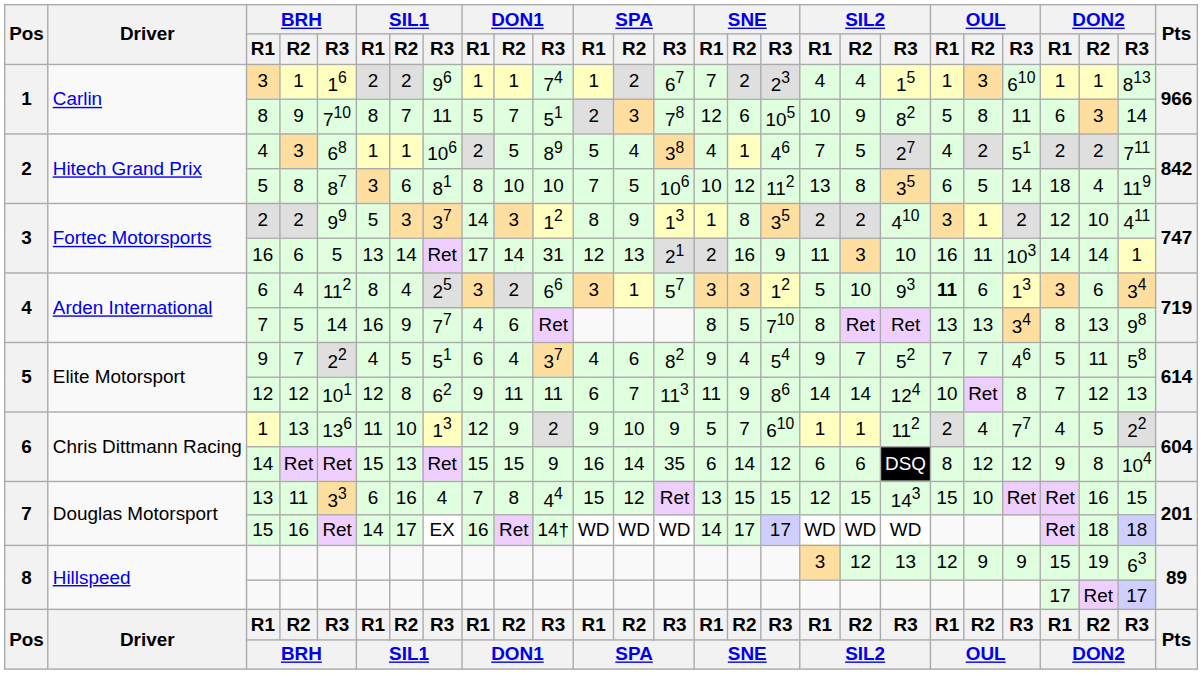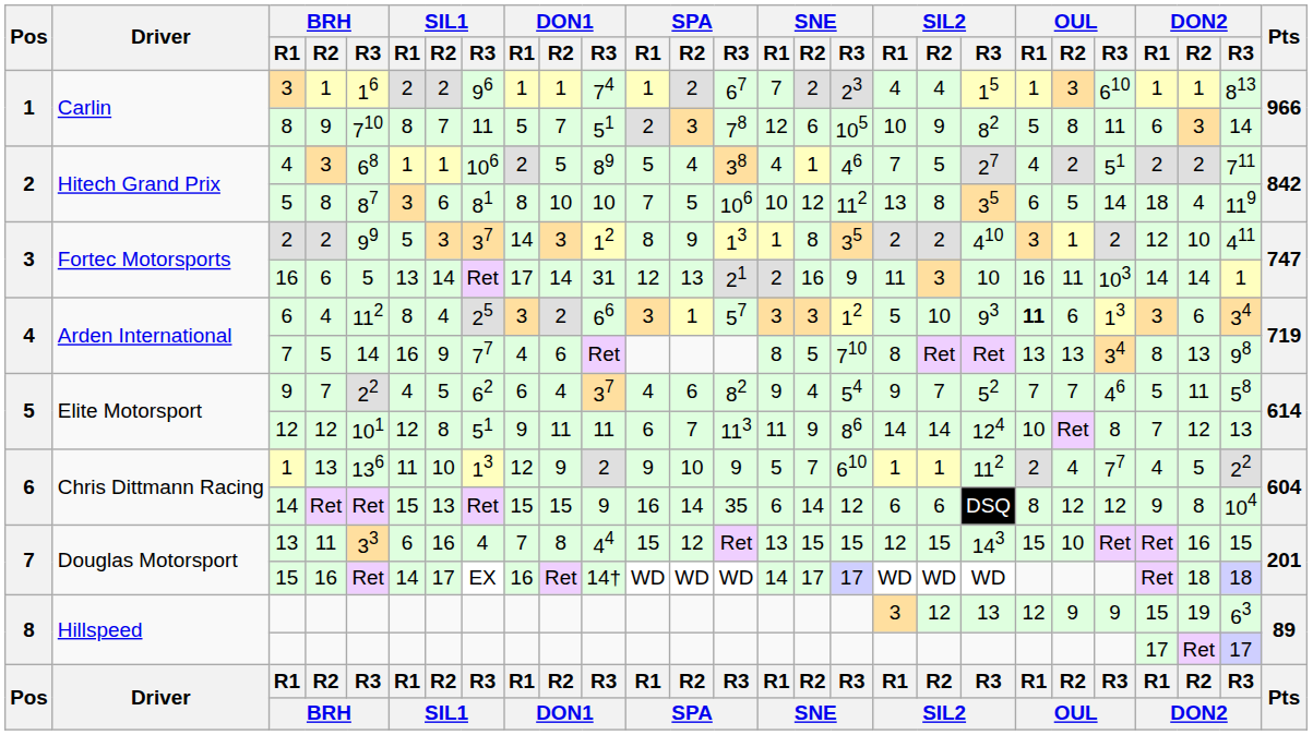 <table class="wikitable" style="font-size: 85%; text-align: center;">
 <tr>
 <th rowspan="2" valign="middle">Pos</th>
 <th rowspan="2" valign="middle">Driver</th>
 <th colspan="3"><a href='#'>BRH</a></th>
 <th colspan="3"><a href='#'>SIL1</a></th>
 <th colspan="3"><a href='#'>DON1</a></th>
 <th colspan="3"><a href='#'>SPA</a></th>
 <th colspan="3"><a href='#'>SNE</a></th>
 <th colspan="3"><a href='#'>SIL2</a></th>
 <th colspan="3"><a href='#'>OUL</a></th>
 <th colspan="3"><a href='#'>DON2</a></th>
 <th rowspan="2" valign="middle">Pts</th>
 </tr>
 <tr>
 <th>R1</th>
 <th>R2</th>
 <th>R3</th>
 <th>R1</th>
 <th>R2</th>
 <th>R3</th>
 <th>R1</th>
 <th>R2</th>
 <th>R3</th>
 <th>R1</th>
 <th>R2</th>
 <th>R3</th>
 <th>R1</th>
 <th>R2</th>
 <th>R3</th>
 <th>R1</th>
 <th>R2</th>
 <th>R3</th>
 <th>R1</th>
 <th>R2</th>
 <th>R3</th>
 <th>R1</th>
 <th>R2</th>
 <th>R3</th>
 </tr>
 <tr>
 <th rowspan="2">1</th>
 <td rowspan="2" align="left"><a href='#'>Carlin</a></td>
 <td bgcolor="#ffdf9f">3</td>
 <td bgcolor="#ffffbf">1</td>
 <td bgcolor="#ffffbf">1<sup>6</sup></td>
 <td bgcolor="#dfdfdf">2</td>
 <td bgcolor="#dfdfdf">2</td>
 <td bgcolor="#dfffdf">9<sup>6</sup></td>
 <td bgcolor="#ffffbf">1</td>
 <td bgcolor="#ffffbf">1</td>
 <td bgcolor="#dfffdf">7<sup>4</sup></td>
 <td bgcolor="#ffffbf">1</td>
 <td bgcolor="#dfdfdf">2</td>
 <td bgcolor="#dfffdf">6<sup>7</sup></td>
 <td bgcolor="#dfffdf">7</td>
 <td bgcolor="#dfdfdf">2</td>
 <td bgcolor="#dfdfdf">2<sup>3</sup></td>
 <td bgcolor="#dfffdf">4</td>
 <td bgcolor="#dfffdf">4</td>
 <td bgcolor="#ffffbf">1<sup>5</sup></td>
 <td bgcolor="#ffffbf">1</td>
 <td bgcolor="#ffdf9f">3</td>
 <td bgcolor="#dfffdf">6<sup>10</sup></td>
 <td bgcolor="#ffffbf">1</td>
 <td bgcolor="#ffffbf">1</td>
 <td bgcolor="#dfffdf">8<sup>13</sup></td>
 <th rowspan="2">966</th>
 </tr>
 <tr>
 <td bgcolor="#dfffdf">8</td>
 <td bgcolor="#dfffdf">9</td>
 <td bgcolor="#dfffdf">7<sup>10</sup></td>
 <td bgcolor="#dfffdf">8</td>
 <td bgcolor="#dfffdf">7</td>
 <td bgcolor="#dfffdf">11</td>
 <td bgcolor="#dfffdf">5</td>
 <td bgcolor="#dfffdf">7</td>
 <td bgcolor="#dfffdf">5<sup>1</sup></td>
 <td bgcolor="#dfdfdf">2</td>
 <td bgcolor="#ffdf9f">3</td>
 <td bgcolor="#dfffdf">7<sup>8</sup></td>
 <td bgcolor="#dfffdf">12</td>
 <td bgcolor="#dfffdf">6</td>
 <td bgcolor="#dfffdf">10<sup>5</sup></td>
 <td bgcolor="#dfffdf">10</td>
 <td bgcolor="#dfffdf">9</td>
 <td bgcolor="#dfffdf">8<sup>2</sup></td>
 <td bgcolor="#dfffdf">5</td>
 <td bgcolor="#dfffdf">8</td>
 <td bgcolor="#dfffdf">11</td>
 <td bgcolor="#dfffdf">6</td>
 <td bgcolor="#ffdf9f">3</td>
 <td bgcolor="#dfffdf">14</td>
 </tr>
 <tr>
 <th rowspan="2">2</th>
 <td rowspan="2" align="left"><a href='#'>Hitech Grand Prix</a></td>
 <td bgcolor="#dfffdf">4</td>
 <td bgcolor="#ffdf9f">3</td>
 <td bgcolor="#dfffdf">6<sup>8</sup></td>
 <td bgcolor="#ffffbf">1</td>
 <td bgcolor="#ffffbf">1</td>
 <td bgcolor="#dfffdf">10<sup>6</sup></td>
 <td bgcolor="#dfdfdf">2</td>
 <td bgcolor="#dfffdf">5</td>
 <td bgcolor="#dfffdf">8<sup>9</sup></td>
 <td bgcolor="#dfffdf">5</td>
 <td bgcolor="#dfffdf">4</td>
 <td bgcolor="#ffdf9f">3<sup>8</sup></td>
 <td bgcolor="#dfffdf">4</td>
 <td bgcolor="#ffffbf">1</td>
 <td bgcolor="#dfffdf">4<sup>6</sup></td>
 <td bgcolor="#dfffdf">7</td>
 <td bgcolor="#dfffdf">5</td>
 <td bgcolor="#dfdfdf">2<sup>7</sup></td>
 <td bgcolor="#dfffdf">4</td>
 <td bgcolor="#dfdfdf">2</td>
 <td bgcolor="#dfffdf">5<sup>1</sup></td>
 <td bgcolor="#dfdfdf">2</td>
 <td bgcolor="#dfdfdf">2</td>
 <td bgcolor="#dfffdf">7<sup>11</sup></td>
 <th rowspan="2">842</th>
 </tr>
 <tr>
 <td bgcolor="#dfffdf">5</td>
 <td bgcolor="#dfffdf">8</td>
 <td bgcolor="#dfffdf">8<sup>7</sup></td>
 <td bgcolor="#ffdf9f">3</td>
 <td bgcolor="#dfffdf">6</td>
 <td bgcolor="#dfffdf">8<sup>1</sup></td>
 <td bgcolor="#dfffdf">8</td>
 <td bgcolor="#dfffdf">10</td>
 <td bgcolor="#dfffdf">10</td>
 <td bgcolor="#dfffdf">7</td>
 <td bgcolor="#dfffdf">5</td>
 <td bgcolor="#dfffdf">10<sup>6</sup></td>
 <td bgcolor="#dfffdf">10</td>
 <td bgcolor="#dfffdf">12</td>
 <td bgcolor="#dfffdf">11<sup>2</sup></td>
 <td bgcolor="#dfffdf">13</td>
 <td bgcolor="#dfffdf">8</td>
 <td bgcolor="#ffdf9f">3<sup>5</sup></td>
 <td bgcolor="#dfffdf">6</td>
 <td bgcolor="#dfffdf">5</td>
 <td bgcolor="#dfffdf">14</td>
 <td bgcolor="#dfffdf">18</td>
 <td bgcolor="#dfffdf">4</td>
 <td bgcolor="#dfffdf">11<sup>9</sup></td>
 </tr>
 <tr>
 <th rowspan="2">3</th>
 <td rowspan="2" align="left"><a href='#'>Fortec Motorsports</a></td>
 <td bgcolor="#dfdfdf">2</td>
 <td bgcolor="#dfdfdf">2</td>
 <td bgcolor="#dfffdf">9<sup>9</sup></td>
 <td bgcolor="#dfffdf">5</td>
 <td bgcolor="#ffdf9f">3</td>
 <td bgcolor="#ffdf9f">3<sup>7</sup></td>
 <td bgcolor="#dfffdf">14</td>
 <td bgcolor="#ffdf9f">3</td>
 <td bgcolor="#ffffbf">1<sup>2</sup></td>
 <td bgcolor="#dfffdf">8</td>
 <td bgcolor="#dfffdf">9</td>
 <td bgcolor="#ffffbf">1<sup>3</sup></td>
 <td bgcolor="#ffffbf">1</td>
 <td bgcolor="#dfffdf">8</td>
 <td bgcolor="#ffdf9f">3<sup>5</sup></td>
 <td bgcolor="#dfdfdf">2</td>
 <td bgcolor="#dfdfdf">2</td>
 <td bgcolor="#dfffdf">4<sup>10</sup></td>
 <td bgcolor="#ffdf9f">3</td>
 <td bgcolor="#ffffbf">1</td>
 <td bgcolor="#dfdfdf">2</td>
 <td bgcolor="#dfffdf">12</td>
 <td bgcolor="#dfffdf">10</td>
 <td bgcolor="#dfffdf">4<sup>11</sup></td>
 <th rowspan="2">747</th>
 </tr>
 <tr>
 <td bgcolor="#dfffdf">16</td>
 <td bgcolor="#dfffdf">6</td>
 <td bgcolor="#dfffdf">5</td>
 <td bgcolor="#dfffdf">13</td>
 <td bgcolor="#dfffdf">14</td>
 <td bgcolor="#efcfff">Ret</td>
 <td bgcolor="#dfffdf">17</td>
 <td bgcolor="#dfffdf">14</td>
 <td bgcolor="#dfffdf">31</td>
 <td bgcolor="#dfffdf">12</td>
 <td bgcolor="#dfffdf">13</td>
 <td bgcolor="#dfdfdf">2<sup>1</sup></td>
 <td bgcolor="#dfdfdf">2</td>
 <td bgcolor="#dfffdf">16</td>
 <td bgcolor="#dfffdf">9</td>
 <td bgcolor="#dfffdf">11</td>
 <td bgcolor="#ffdf9f">3</td>
 <td bgcolor="#dfffdf">10</td>
 <td bgcolor="#dfffdf">16</td>
 <td bgcolor="#dfffdf">11</td>
 <td bgcolor="#dfffdf">10<sup>3</sup></td>
 <td bgcolor="#dfffdf">14</td>
 <td bgcolor="#dfffdf">14</td>
 <td bgcolor="#ffffbf">1</td>
 </tr>
 <tr>
 <th rowspan="2">4</th>
 <td rowspan="2" align="left"><a href='#'>Arden International</a></td>
 <td bgcolor="#dfffdf">6</td>
 <td bgcolor="#dfffdf">4</td>
 <td bgcolor="#dfffdf">11<sup>2</sup></td>
 <td bgcolor="#dfffdf">8</td>
 <td bgcolor="#dfffdf">4</td>
 <td bgcolor="#dfdfdf">2<sup>5</sup></td>
 <td bgcolor="#ffdf9f">3</td>
 <td bgcolor="#dfdfdf">2</td>
 <td bgcolor="#dfffdf">6<sup>6</sup></td>
 <td bgcolor="#ffdf9f">3</td>
 <td bgcolor="#ffffbf">1</td>
 <td bgcolor="#dfffdf">5<sup>7</sup></td>
 <td bgcolor="#ffdf9f">3</td>
 <td bgcolor="#ffdf9f">3</td>
 <td bgcolor="#ffffbf">1<sup>2</sup></td>
 <td bgcolor="#dfffdf">5</td>
 <td bgcolor="#dfffdf">10</td>
 <td bgcolor="#dfffdf">9<sup>3</sup></td>
 <td bgcolor="#dfffdf"><strong>11</strong></td>
 <td bgcolor="#dfffdf">6</td>
 <td bgcolor="#ffffbf">1<sup>3</sup></td>
 <td bgcolor="#ffdf9f">3</td>
 <td bgcolor="#dfffdf">6</td>
 <td bgcolor="#ffdf9f">3<sup>4</sup></td>
 <th rowspan="2">719</th>
 </tr>
 <tr>
 <td bgcolor="#dfffdf">7</td>
 <td bgcolor="#dfffdf">5</td>
 <td bgcolor="#dfffdf">14</td>
 <td bgcolor="#dfffdf">16</td>
 <td bgcolor="#dfffdf">9</td>
 <td bgcolor="#dfffdf">7<sup>7</sup></td>
 <td bgcolor="#dfffdf">4</td>
 <td bgcolor="#dfffdf">6</td>
 <td bgcolor="#efcfff">Ret</td>
 <td></td>
 <td></td>
 <td></td>
 <td bgcolor="#dfffdf">8</td>
 <td bgcolor="#dfffdf">5</td>
 <td bgcolor="#dfffdf">7<sup>10</sup></td>
 <td bgcolor="#dfffdf">8</td>
 <td bgcolor="#efcfff">Ret</td>
 <td bgcolor="#efcfff">Ret</td>
 <td bgcolor="#dfffdf">13</td>
 <td bgcolor="#dfffdf">13</td>
 <td bgcolor="#ffdf9f">3<sup>4</sup></td>
 <td bgcolor="#dfffdf">8</td>
 <td bgcolor="#dfffdf">13</td>
 <td bgcolor="#dfffdf">9<sup>8</sup></td>
 </tr>
 <tr>
 <th rowspan="2">5</th>
 <td rowspan="2" align="left">Elite Motorsport</td>
 <td bgcolor="#dfffdf">9</td>
 <td bgcolor="#dfffdf">7</td>
 <td bgcolor="#dfdfdf">2<sup>2</sup></td>
 <td bgcolor="#dfffdf">4</td>
 <td bgcolor="#dfffdf">5</td>
-<td bgcolor="#dfffdf">5<sup>1</sup></td>
+<td bgcolor="#dfffdf">6<sup>2</sup></td>
 <td bgcolor="#dfffdf">6</td>
 <td bgcolor="#dfffdf">4</td>
 <td bgcolor="#ffdf9f">3<sup>7</sup></td>
 <td bgcolor="#dfffdf">4</td>
 <td bgcolor="#dfffdf">6</td>
 <td bgcolor="#dfffdf">8<sup>2</sup></td>
 <td bgcolor="#dfffdf">9</td>
 <td bgcolor="#dfffdf">4</td>
 <td bgcolor="#dfffdf">5<sup>4</sup></td>
 <td bgcolor="#dfffdf">9</td>
 <td bgcolor="#dfffdf">7</td>
 <td bgcolor="#dfffdf">5<sup>2</sup></td>
 <td bgcolor="#dfffdf">7</td>
 <td bgcolor="#dfffdf">7</td>
 <td bgcolor="#dfffdf">4<sup>6</sup></td>
 <td bgcolor="#dfffdf">5</td>
 <td bgcolor="#dfffdf">11</td>
 <td bgcolor="#dfffdf">5<sup>8</sup></td>
 <th rowspan="2">614</th>
 </tr>
 <tr>
 <td bgcolor="#dfffdf">12</td>
 <td bgcolor="#dfffdf">12</td>
 <td bgcolor="#dfffdf">10<sup>1</sup></td>
 <td bgcolor="#dfffdf">12</td>
 <td bgcolor="#dfffdf">8</td>
-<td bgcolor="#dfffdf">6<sup>2</sup></td>
+<td bgcolor="#dfffdf">5<sup>1</sup></td>
 <td bgcolor="#dfffdf">9</td>
 <td bgcolor="#dfffdf">11</td>
 <td bgcolor="#dfffdf">11</td>
 <td bgcolor="#dfffdf">6</td>
 <td bgcolor="#dfffdf">7</td>
 <td bgcolor="#dfffdf">11<sup>3</sup></td>
 <td bgcolor="#dfffdf">11</td>
 <td bgcolor="#dfffdf">9</td>
 <td bgcolor="#dfffdf">8<sup>6</sup></td>
 <td bgcolor="#dfffdf">14</td>
 <td bgcolor="#dfffdf">14</td>
 <td bgcolor="#dfffdf">12<sup>4</sup></td>
 <td bgcolor="#dfffdf">10</td>
 <td bgcolor="#efcfff">Ret</td>
 <td bgcolor="#dfffdf">8</td>
 <td bgcolor="#dfffdf">7</td>
 <td bgcolor="#dfffdf">12</td>
 <td bgcolor="#dfffdf">13</td>
 </tr>
 <tr>
 <th rowspan="2">6</th>
 <td rowspan="2" align="left">Chris Dittmann Racing</td>
 <td bgcolor="#ffffbf">1</td>
 <td bgcolor="#dfffdf">13</td>
 <td bgcolor="#dfffdf">13<sup>6</sup></td>
 <td bgcolor="#dfffdf">11</td>
 <td bgcolor="#dfffdf">10</td>
 <td bgcolor="#ffffbf">1<sup>3</sup></td>
 <td bgcolor="#dfffdf">12</td>
 <td bgcolor="#dfffdf">9</td>
 <td bgcolor="#dfdfdf">2</td>
 <td bgcolor="#dfffdf">9</td>
 <td bgcolor="#dfffdf">10</td>
 <td bgcolor="#dfffdf">9</td>
 <td bgcolor="#dfffdf">5</td>
 <td bgcolor="#dfffdf">7</td>
 <td bgcolor="#dfffdf">6<sup>10</sup></td>
 <td bgcolor="#ffffbf">1</td>
 <td bgcolor="#ffffbf">1</td>
 <td bgcolor="#dfffdf">11<sup>2</sup></td>
 <td bgcolor="#dfdfdf">2</td>
 <td bgcolor="#dfffdf">4</td>
 <td bgcolor="#dfffdf">7<sup>7</sup></td>
 <td bgcolor="#dfffdf">4</td>
 <td bgcolor="#dfffdf">5</td>
 <td bgcolor="#dfdfdf">2<sup>2</sup></td>
 <th rowspan="2">604</th>
 </tr>
 <tr>
 <td bgcolor="#dfffdf">14</td>
 <td bgcolor="#efcfff">Ret</td>
 <td bgcolor="#efcfff">Ret</td>
 <td bgcolor="#dfffdf">15</td>
 <td bgcolor="#dfffdf">13</td>
 <td bgcolor="#efcfff">Ret</td>
 <td bgcolor="#dfffdf">15</td>
 <td bgcolor="#dfffdf">15</td>
 <td bgcolor="#dfffdf">9</td>
 <td bgcolor="#dfffdf">16</td>
 <td bgcolor="#dfffdf">14</td>
 <td bgcolor="#dfffdf">35</td>
 <td bgcolor="#dfffdf">6</td>
 <td bgcolor="#dfffdf">14</td>
 <td bgcolor="#dfffdf">12</td>
 <td bgcolor="#dfffdf">6</td>
 <td bgcolor="#dfffdf">6</td>
 <td style="background-color:#000000;color:white">DSQ</td>
 <td bgcolor="#dfffdf">8</td>
 <td bgcolor="#dfffdf">12</td>
 <td bgcolor="#dfffdf">12</td>
 <td bgcolor="#dfffdf">9</td>
 <td bgcolor="#dfffdf">8</td>
 <td bgcolor="#dfffdf">10<sup>4</sup></td>
 </tr>
 <tr>
 <th rowspan="2">7</th>
 <td rowspan="2" align="left">Douglas Motorsport</td>
 <td bgcolor="#dfffdf">13</td>
 <td bgcolor="#dfffdf">11</td>
 <td bgcolor="#ffdf9f">3<sup>3</sup></td>
 <td bgcolor="#dfffdf">6</td>
 <td bgcolor="#dfffdf">16</td>
 <td bgcolor="#dfffdf">4</td>
 <td bgcolor="#dfffdf">7</td>
 <td bgcolor="#dfffdf">8</td>
 <td bgcolor="#dfffdf">4<sup>4</sup></td>
 <td bgcolor="#dfffdf">15</td>
 <td bgcolor="#dfffdf">12</td>
 <td bgcolor="#efcfff">Ret</td>
 <td bgcolor="#dfffdf">13</td>
 <td bgcolor="#dfffdf">15</td>
 <td bgcolor="#dfffdf">15</td>
 <td bgcolor="#dfffdf">12</td>
 <td bgcolor="#dfffdf">15</td>
 <td bgcolor="#dfffdf">14<sup>3</sup></td>
 <td bgcolor="#dfffdf">15</td>
 <td bgcolor="#dfffdf">10</td>
 <td bgcolor="#efcfff">Ret</td>
 <td bgcolor="#efcfff">Ret</td>
 <td bgcolor="#dfffdf">16</td>
 <td bgcolor="#dfffdf">15</td>
 <th rowspan="2">201</th>
 </tr>
 <tr>
 <td bgcolor="#dfffdf">15</td>
 <td bgcolor="#dfffdf">16</td>
 <td bgcolor="#efcfff">Ret</td>
 <td bgcolor="#dfffdf">14</td>
 <td bgcolor="#dfffdf">17</td>
 <td bgcolor="#ffffff">EX</td>
 <td bgcolor="#dfffdf">16</td>
 <td bgcolor="#efcfff">Ret</td>
 <td bgcolor="#dfffdf">14†</td>
 <td bgcolor="#ffffFf">WD</td>
 <td bgcolor="#ffffFf">WD</td>
 <td bgcolor="#ffffFf">WD</td>
 <td bgcolor="#dfffdf">14</td>
 <td bgcolor="#dfffdf">17</td>
 <td bgcolor="#cfcfff">17</td>
 <td bgcolor="#ffffFf">WD</td>
 <td bgcolor="#ffffFf">WD</td>
 <td bgcolor="#ffffFf">WD</td>
 <td></td>
 <td></td>
 <td></td>
 <td bgcolor="#efcfff">Ret</td>
 <td bgcolor="#dfffdf">18</td>
 <td bgcolor="#cfcfff">18</td>
 </tr>
 <tr>
 <th rowspan="2">8</th>
 <td rowspan="2" align="left "><a href='#'>Hillspeed</a></td>
 <td></td>
 <td></td>
 <td></td>
 <td></td>
 <td></td>
 <td></td>
 <td></td>
 <td></td>
 <td></td>
 <td></td>
 <td></td>
 <td></td>
 <td></td>
 <td></td>
 <td></td>
 <td bgcolor="#ffdf9f">3</td>
 <td bgcolor="#dfffdf">12</td>
 <td bgcolor="#dfffdf">13</td>
 <td bgcolor="#dfffdf">12</td>
 <td bgcolor="#dfffdf">9</td>
 <td bgcolor="#dfffdf">9</td>
 <td bgcolor="#dfffdf">15</td>
 <td bgcolor="#dfffdf">19</td>
 <td bgcolor="#dfffdf">6<sup>3</sup></td>
 <th rowspan="2">89</th>
 </tr>
 <tr>
 <td></td>
 <td></td>
 <td></td>
 <td></td>
 <td></td>
 <td></td>
 <td></td>
 <td></td>
 <td></td>
 <td></td>
 <td></td>
 <td></td>
 <td></td>
 <td></td>
 <td></td>
 <td></td>
 <td></td>
 <td></td>
 <td></td>
 <td></td>
 <td></td>
 <td bgcolor="#dfffdf">17</td>
 <td bgcolor="#efcfff">Ret</td>
 <td bgcolor="#cfcfff">17</td>
 </tr>
 <tr>
 <th rowspan="2">Pos</th>
 <th rowspan="2">Driver</th>
 <th>R1</th>
 <th>R2</th>
 <th>R3</th>
 <th>R1</th>
 <th>R2</th>
 <th>R3</th>
 <th>R1</th>
 <th>R2</th>
 <th>R3</th>
 <th>R1</th>
 <th>R2</th>
 <th>R3</th>
 <th>R1</th>
 <th>R2</th>
 <th>R3</th>
 <th>R1</th>
 <th>R2</th>
 <th>R3</th>
 <th>R1</th>
 <th>R2</th>
 <th>R3</th>
 <th>R1</th>
 <th>R2</th>
 <th>R3</th>
 <th rowspan="2">Pts</th>
 </tr>
 <tr>
 <th colspan="3"><a href='#'>BRH</a></th>
 <th colspan="3"><a href='#'>SIL1</a></th>
 <th colspan="3"><a href='#'>DON1</a></th>
 <th colspan="3"><a href='#'>SPA</a></th>
 <th colspan="3"><a href='#'>SNE</a></th>
 <th colspan="3"><a href='#'>SIL2</a></th>
 <th colspan="3"><a href='#'>OUL</a></th>
 <th colspan="3"><a href='#'>DON2</a></th>
 </tr>
 </table>
